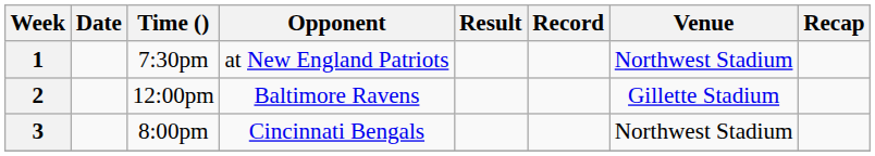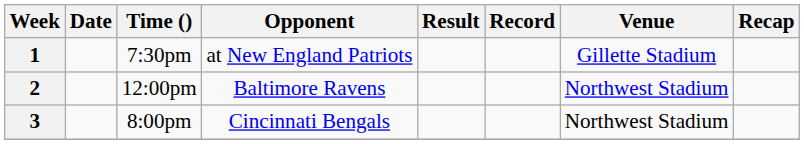 <table class="wikitable" style="text-align:center">
 <tr>
 <th>Week</th>
 <th>Date</th>
 <th>Time (<a href='#'></a>)</th>
 <th>Opponent</th>
 <th>Result</th>
 <th>Record</th>
 <th>Venue</th>
 <th>Recap</th>
 </tr>
 <tr>
 <th>1</th>
 <td></td>
 <td>7:30pm</td>
 <td>at <a href='#'>New England Patriots</a></td>
 <td></td>
 <td></td>
-<td><a href='#'>Northwest Stadium</a></td>
+<td><a href='#'>Gillette Stadium</a></td>
 <td></td>
 </tr>
 <tr>
 <th>2</th>
 <td></td>
 <td>12:00pm</td>
 <td><a href='#'>Baltimore Ravens</a></td>
 <td></td>
 <td></td>
-<td><a href='#'>Gillette Stadium</a></td>
+<td><a href='#'>Northwest Stadium</a></td>
 <td></td>
 </tr>
 <tr>
 <th>3</th>
 <td></td>
 <td>8:00pm</td>
 <td><a href='#'>Cincinnati Bengals</a></td>
 <td></td>
 <td></td>
 <td>Northwest Stadium</td>
 <td></td>
 </tr>
 <tr>
 </tr>
 </table>
